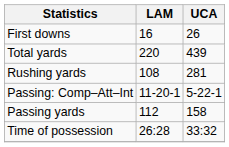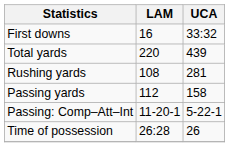 <table class="wikitable" style="float: left;">
 <tr>
 <th>Statistics</th>
 <th>LAM</th>
 <th>UCA</th>
 </tr>
 <tr>
 <td>First downs</td>
 <td>16</td>
-<td>26</td>
+<td>33:32</td>
 </tr>
 <tr>
 <td>Total yards</td>
 <td>220</td>
 <td>439</td>
 </tr>
 <tr>
 <td>Rushing yards</td>
 <td>108</td>
 <td>281</td>
 </tr>
 <tr>
+<td>Passing yards</td>
+<td>112</td>
+<td>158</td>
+</tr>
+<tr>
 <td>Passing: Comp–Att–Int</td>
 <td>11-20-1</td>
 <td>5-22-1</td>
 </tr>
 <tr>
-<td>Passing yards</td>
-<td>112</td>
-<td>158</td>
-</tr>
-<tr>
 <td>Time of possession</td>
 <td>26:28</td>
-<td>33:32</td>
+<td>26</td>
 </tr>
 <tr>
 </tr>
 </table>
